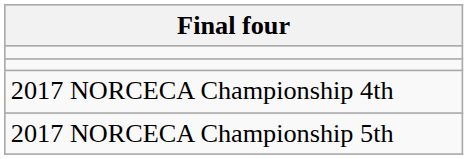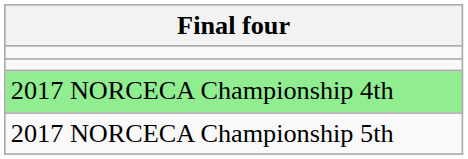 <table class="wikitable" width=280>
 <tr>
 <th>Final four</th>
 </tr>
 <tr>
 <td></td>
 </tr>
 <tr>
 <td></td>
 </tr>
 <tr>
-<td>2017 NORCECA Championship 4th</td>
+<td style="background: lightgreen;">2017 NORCECA Championship 4th</td>
 </tr>
 <tr>
 <td>2017 NORCECA Championship 5th</td>
 </tr>
 </table>
